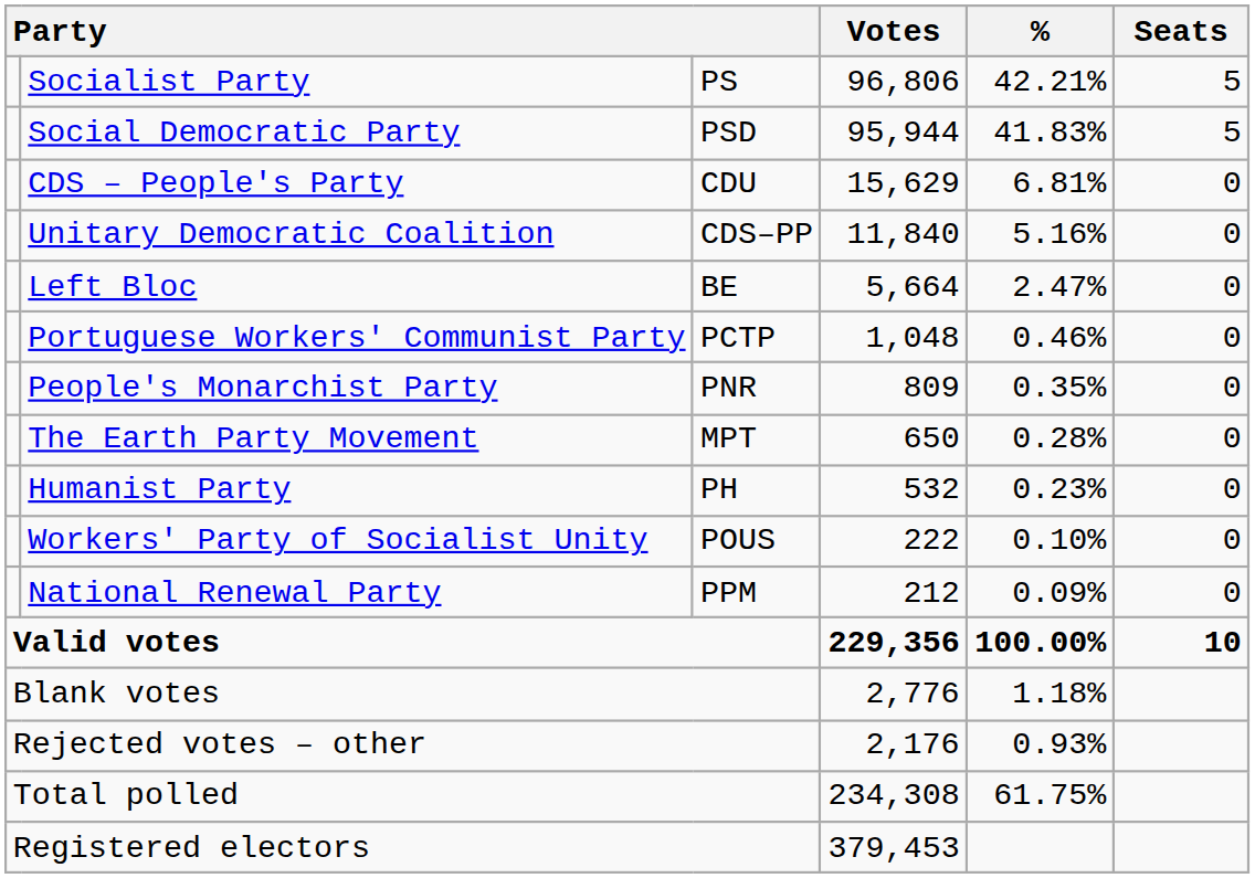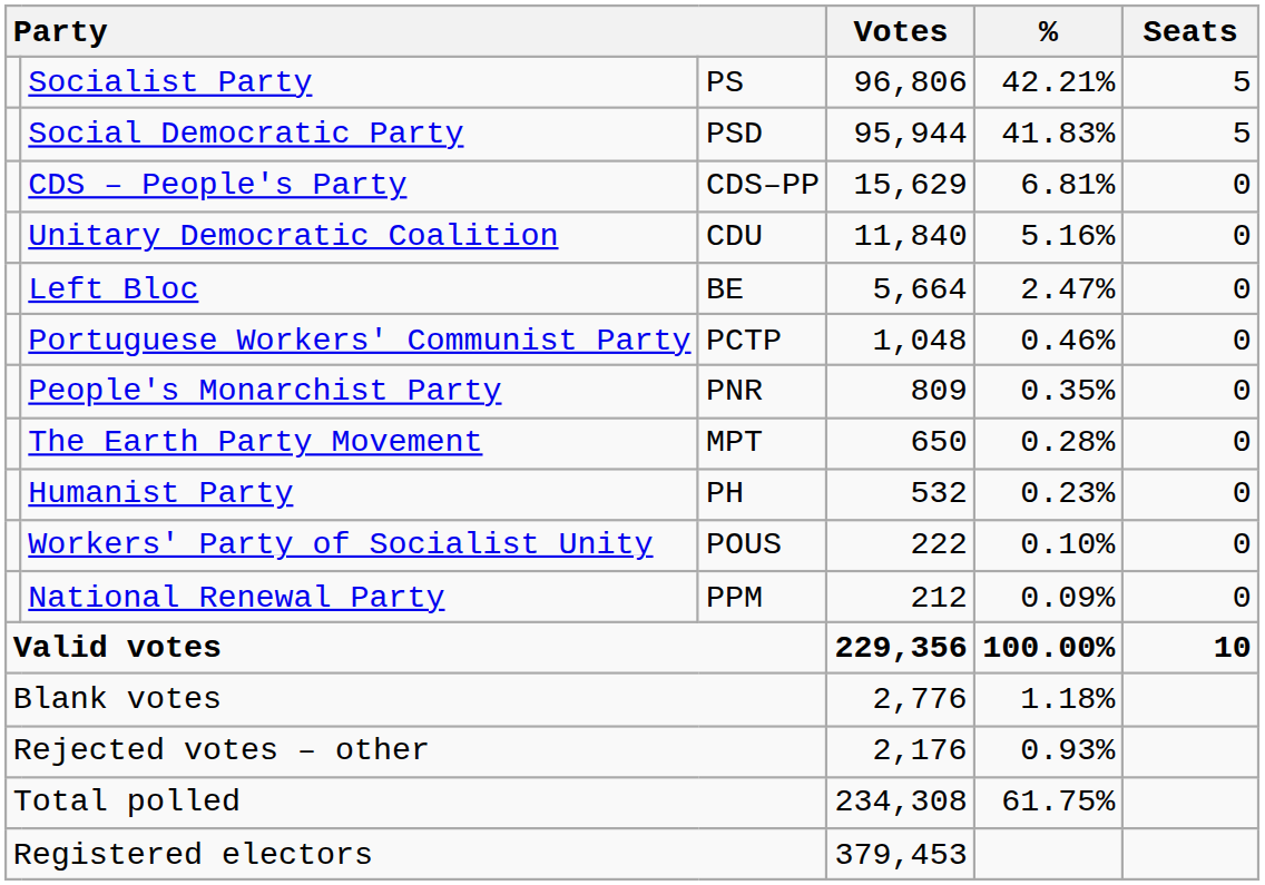 <table class="wikitable" border="1" style="text-align:right;">
 <tr>
 <th style="text-align:left;" colspan=3>Party</th>
 <th align=center width="50">Votes</th>
 <th align=center width="50">%</th>
 <th align=center width="50">Seats</th>
 </tr>
 <tr>
 <td></td>
 <td align=left><a href='#'>Socialist Party</a></td>
 <td align=left>PS</td>
 <td>96,806</td>
 <td>42.21%</td>
 <td>5</td>
 </tr>
 <tr>
 <td></td>
 <td align=left><a href='#'>Social Democratic Party</a></td>
 <td align=left>PSD</td>
 <td>95,944</td>
 <td>41.83%</td>
 <td>5</td>
 </tr>
 <tr>
 <td></td>
 <td align=left><a href='#'>CDS – People's Party</a></td>
-<td align=left>CDU</td>
+<td align=left style="white-space: nowrap;">CDS–PP</td>
 <td>15,629</td>
 <td>6.81%</td>
 <td>0</td>
 </tr>
 <tr>
 <td></td>
 <td align=left style="white-space: nowrap;"><a href='#'>Unitary Democratic Coalition</a></td>
-<td align=left style="white-space: nowrap;">CDS–PP</td>
+<td align=left>CDU</td>
 <td>11,840</td>
 <td>5.16%</td>
 <td>0</td>
 </tr>
 <tr>
 <td></td>
 <td align=left><a href='#'>Left Bloc</a></td>
 <td align=left>BE</td>
 <td>5,664</td>
 <td>2.47%</td>
 <td>0</td>
 </tr>
 <tr>
 <td></td>
 <td align=left><a href='#'>Portuguese Workers' Communist Party</a></td>
 <td align=left>PCTP</td>
 <td>1,048</td>
 <td>0.46%</td>
 <td>0</td>
 </tr>
 <tr>
 <td></td>
 <td align=left><a href='#'>People's Monarchist Party</a></td>
 <td align=left>PNR</td>
 <td>809</td>
 <td>0.35%</td>
 <td>0</td>
 </tr>
 <tr>
 <td></td>
 <td align=left><a href='#'>The Earth Party Movement</a></td>
 <td align=left>MPT</td>
 <td>650</td>
 <td>0.28%</td>
 <td>0</td>
 </tr>
 <tr>
 <td></td>
 <td align=left><a href='#'>Humanist Party</a></td>
 <td align=left>PH</td>
 <td>532</td>
 <td>0.23%</td>
 <td>0</td>
 </tr>
 <tr>
 <td></td>
 <td align=left><a href='#'>Workers' Party of Socialist Unity</a></td>
 <td align=left>POUS</td>
 <td>222</td>
 <td>0.10%</td>
 <td>0</td>
 </tr>
 <tr>
 <td></td>
 <td align=left><a href='#'>National Renewal Party</a></td>
 <td align=left>PPM</td>
 <td>212</td>
 <td>0.09%</td>
 <td>0</td>
 </tr>
 <tr style="font-weight:bold">
 <td align=left colspan=3>Valid votes</td>
 <td>229,356</td>
 <td>100.00%</td>
 <td>10</td>
 </tr>
 <tr>
 <td align=left colspan=3>Blank votes</td>
 <td>2,776</td>
 <td>1.18%</td>
 <td></td>
 </tr>
 <tr>
 <td align=left colspan=3>Rejected votes – other</td>
 <td>2,176</td>
 <td>0.93%</td>
 <td></td>
 </tr>
 <tr>
 <td align=left colspan=3>Total polled</td>
 <td>234,308</td>
 <td>61.75%</td>
 <td></td>
 </tr>
 <tr>
 <td align=left colspan=3>Registered electors</td>
 <td>379,453</td>
 <td></td>
 <td></td>
 </tr>
 </table>
